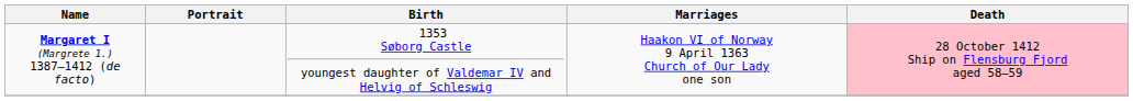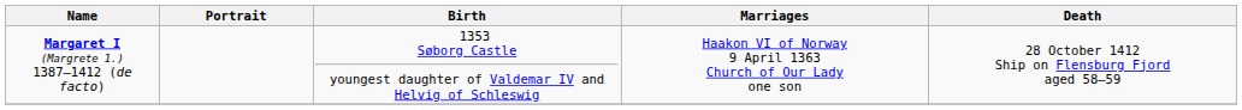 <table style="text-align:center; width:100%" class="wikitable">
 <tr>
 <th width=10%>Name</th>
 <th width=10%>Portrait</th>
 <th width=20%>Birth</th>
 <th width=20%>Marriages</th>
 <th width=20%>Death</th>
 </tr>
 <tr>
 <td><strong><a href='#'>Margaret I</a></strong><br><small><em>(Margrete 1.)</em></small><br>1387–1412 (<em>de facto</em>)</td>
 <td></td>
 <td>  1353<br><a href='#'>Søborg Castle</a><hr>youngest daughter of <a href='#'>Valdemar IV</a> and <a href='#'>Helvig of Schleswig</a></td>
 <td><a href='#'>Haakon VI of Norway</a><br>9 April 1363<br><a href='#'>Church of Our Lady</a><br>one son</td>
-<td style="background: pink;">28 October 1412<br>Ship on <a href='#'>Flensburg Fjord</a><br>aged 58–59</td>
+<td>28 October 1412<br>Ship on <a href='#'>Flensburg Fjord</a><br>aged 58–59</td>
 </tr>
 <tr>
 </tr>
 </table>
